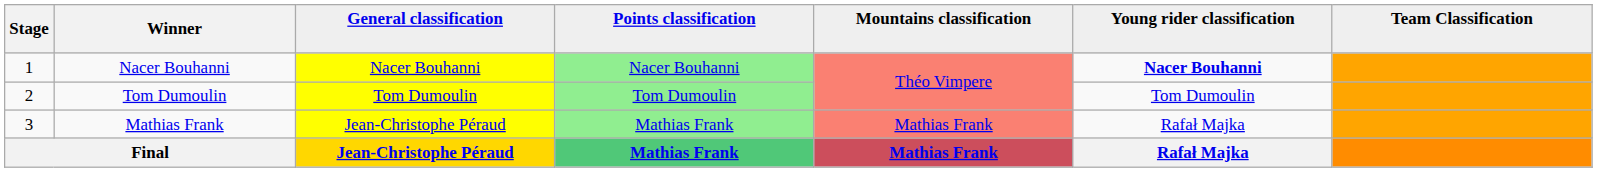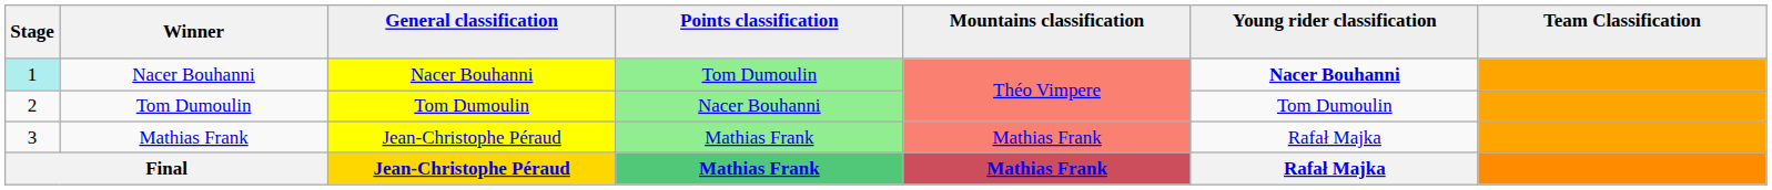 <table class="wikitable" style="text-align: center; font-size:smaller;">
 <tr style="background:#efefef;">
 <th style="width:1%;">Stage</th>
 <th style="width:14%;">Winner</th>
 <th style="background:#efefef; width:15%;"><a href='#'>General classification</a><br><br></th>
 <th style="background:#efefef; width:15%;"><a href='#'>Points classification</a><br><br></th>
 <th style="background:#efefef; width:15%;">Mountains classification<br><br></th>
 <th style="background:#efefef; width:15%;">Young rider classification<br><br></th>
 <th style="background:#efefef; width:15%;">Team Classification<br><br></th>
 </tr>
 <tr>
-<td>1</td>
+<td style="background: paleturquoise;">1</td>
 <td><a href='#'>Nacer Bouhanni</a></td>
 <td style="background:yellow;"><a href='#'>Nacer Bouhanni</a></td>
-<td style="background:lightgreen;"><a href='#'>Nacer Bouhanni</a></td>
+<td style="background:lightgreen;"><a href='#'>Tom Dumoulin</a></td>
 <td style="background:salmon;" rowspan="2"><a href='#'>Théo Vimpere</a></td>
 <td style="background:offwhite;"><strong><a href='#'>Nacer Bouhanni</a></strong></td>
 <td style="background:orange;"></td>
 </tr>
 <tr>
 <td>2</td>
 <td><a href='#'>Tom Dumoulin</a></td>
 <td style="background:yellow;"><a href='#'>Tom Dumoulin</a></td>
-<td style="background:lightgreen;"><a href='#'>Tom Dumoulin</a></td>
+<td style="background:lightgreen;"><a href='#'>Nacer Bouhanni</a></td>
 <td style="background:offwhite;"><a href='#'>Tom Dumoulin</a></td>
 <td style="background:orange;"></td>
 </tr>
 <tr>
 <td>3</td>
 <td><a href='#'>Mathias Frank</a></td>
 <td style="background:yellow;"><a href='#'>Jean-Christophe Péraud</a></td>
 <td style="background:lightgreen;"><a href='#'>Mathias Frank</a></td>
 <td style="background:salmon;"><a href='#'>Mathias Frank</a></td>
 <td style="background:offwhite;"><a href='#'>Rafał Majka</a></td>
 <td style="background:orange;"></td>
 </tr>
 <tr>
 <th colspan=2><strong>Final</strong></th>
 <th style="background:gold;"><a href='#'>Jean-Christophe Péraud</a></th>
 <th style="background:#50C878;"><a href='#'>Mathias Frank</a></th>
 <th style="background:#CC4E5C;"><a href='#'>Mathias Frank</a></th>
 <th style="background:offwhite;"><a href='#'>Rafał Majka</a></th>
 <th style="background:#FF8C00;"></th>
 </tr>
 </table>
